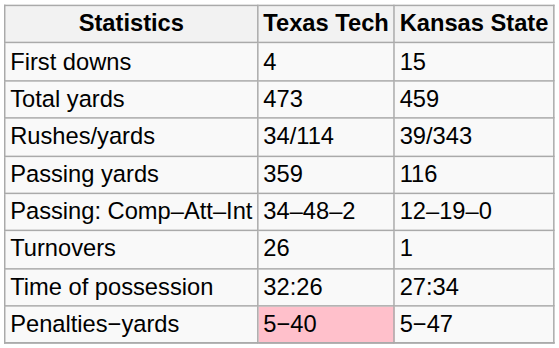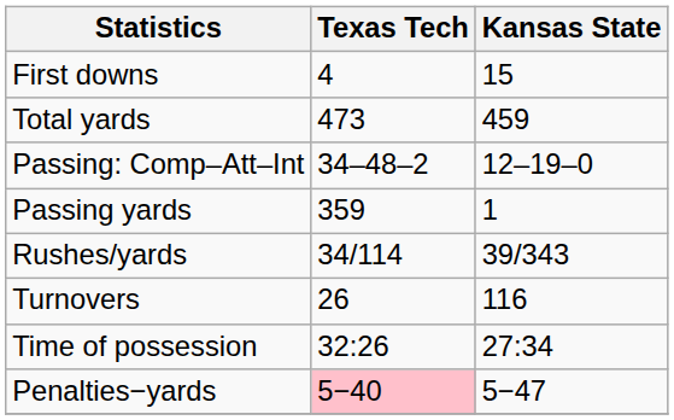 <table class="wikitable" style="float: left;">
 <tr>
 <th>Statistics</th>
 <th>Texas Tech</th>
 <th>Kansas State</th>
 </tr>
 <tr>
 <td>First downs</td>
 <td>4</td>
 <td>15</td>
 </tr>
 <tr>
 <td>Total yards</td>
 <td>473</td>
 <td>459</td>
 </tr>
 <tr>
+<td>Passing: Comp–Att–Int</td>
+<td>34–48–2</td>
+<td>12–19–0</td>
+</tr>
+<tr>
+<td>Passing yards</td>
+<td>359</td>
+<td>1</td>
+</tr>
+<tr>
 <td>Rushes/yards</td>
 <td>34/114</td>
 <td>39/343</td>
 </tr>
 <tr>
-<td>Passing yards</td>
-<td>359</td>
-<td>116</td>
-</tr>
-<tr>
-<td>Passing: Comp–Att–Int</td>
-<td>34–48–2</td>
-<td>12–19–0</td>
-</tr>
-<tr>
 <td>Turnovers</td>
 <td>26</td>
-<td>1</td>
+<td>116</td>
 </tr>
 <tr>
 <td>Time of possession</td>
 <td>32:26</td>
 <td>27:34</td>
 </tr>
 <tr>
 <td>Penalties−yards</td>
 <td style="background: pink;">5−40</td>
 <td>5−47</td>
 </tr>
 <tr>
 </tr>
 </table>
